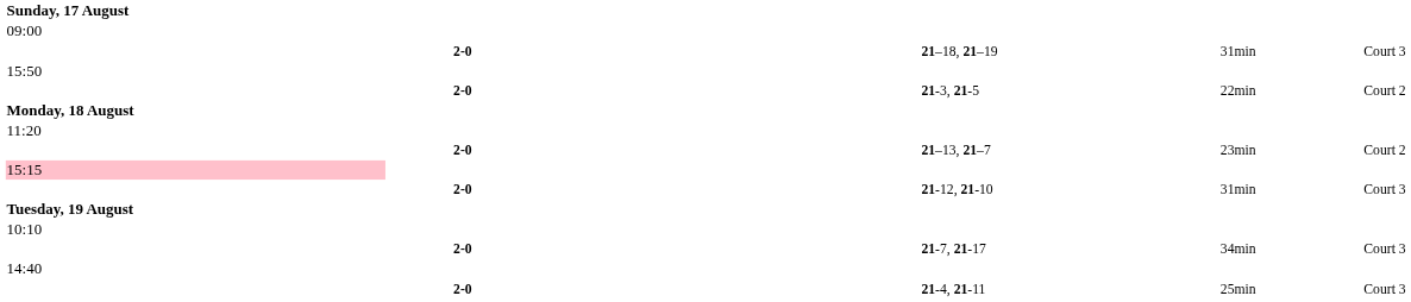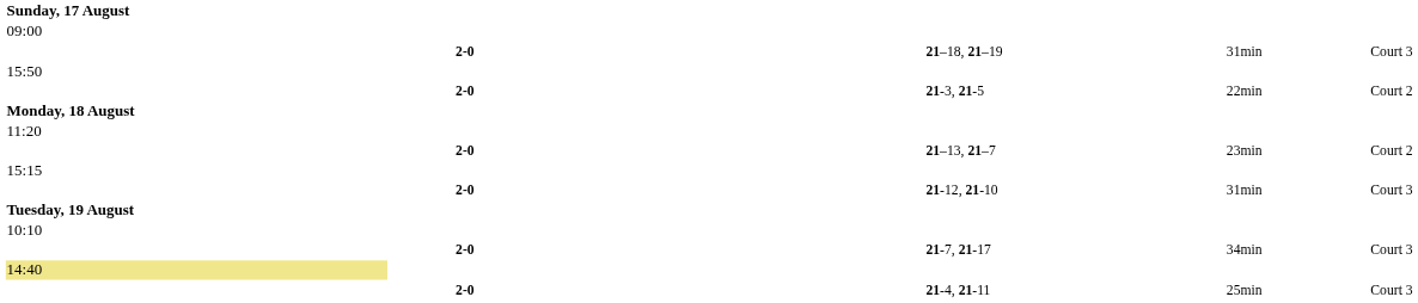 <table style="width:100%;" cellspacing="1">
 <tr>
 <th width=25%></th>
 <th width=10%></th>
 <th width=25%></th>
 </tr>
 <tr>
 <td><strong>Sunday, 17 August</strong></td>
 </tr>
 <tr>
 <td>09:00</td>
 </tr>
 <tr style=font-size:90%>
 <td align=right><strong></strong></td>
 <td align=center><strong> 2-0 </strong></td>
 <td></td>
 <td><strong>21</strong>–18, <strong>21</strong>–19</td>
 <td>31min</td>
 <td>Court 3</td>
 </tr>
 <tr>
 <td>15:50</td>
 </tr>
 <tr style=font-size:90%>
 <td align=right><strong></strong></td>
 <td align=center><strong> 2-0 </strong></td>
 <td></td>
 <td><strong>21</strong>-3, <strong>21</strong>-5</td>
 <td>22min</td>
 <td>Court 2</td>
 </tr>
 <tr>
 <td><strong>Monday, 18 August</strong></td>
 </tr>
 <tr>
 <td>11:20</td>
 </tr>
 <tr style=font-size:90%>
 <td align=right><strong></strong></td>
 <td align=center><strong> 2-0 </strong></td>
 <td></td>
 <td><strong>21</strong>–13, <strong>21</strong>–7</td>
 <td>23min</td>
 <td>Court 2</td>
 </tr>
 <tr>
-<td style="background: pink;">15:15</td>
+<td>15:15</td>
 </tr>
 <tr style=font-size:90%>
 <td align=right><strong></strong></td>
 <td align=center><strong> 2-0 </strong></td>
 <td></td>
 <td><strong>21</strong>-12, <strong>21</strong>-10</td>
 <td>31min</td>
 <td>Court 3</td>
 </tr>
 <tr>
 <td><strong>Tuesday, 19 August</strong></td>
 </tr>
 <tr>
 <td>10:10</td>
 </tr>
 <tr style=font-size:90%>
 <td align=right><strong></strong></td>
 <td align=center><strong> 2-0 </strong></td>
 <td></td>
 <td><strong>21</strong>-7, <strong>21</strong>-17</td>
 <td>34min</td>
 <td>Court 3</td>
 </tr>
 <tr>
-<td>14:40</td>
+<td style="background: khaki;">14:40</td>
 </tr>
 <tr style=font-size:90%>
 <td align=right><strong></strong></td>
 <td align=center><strong> 2-0 </strong></td>
 <td></td>
 <td><strong>21</strong>-4, <strong>21</strong>-11</td>
 <td>25min</td>
 <td>Court 3</td>
 </tr>
 </table>
